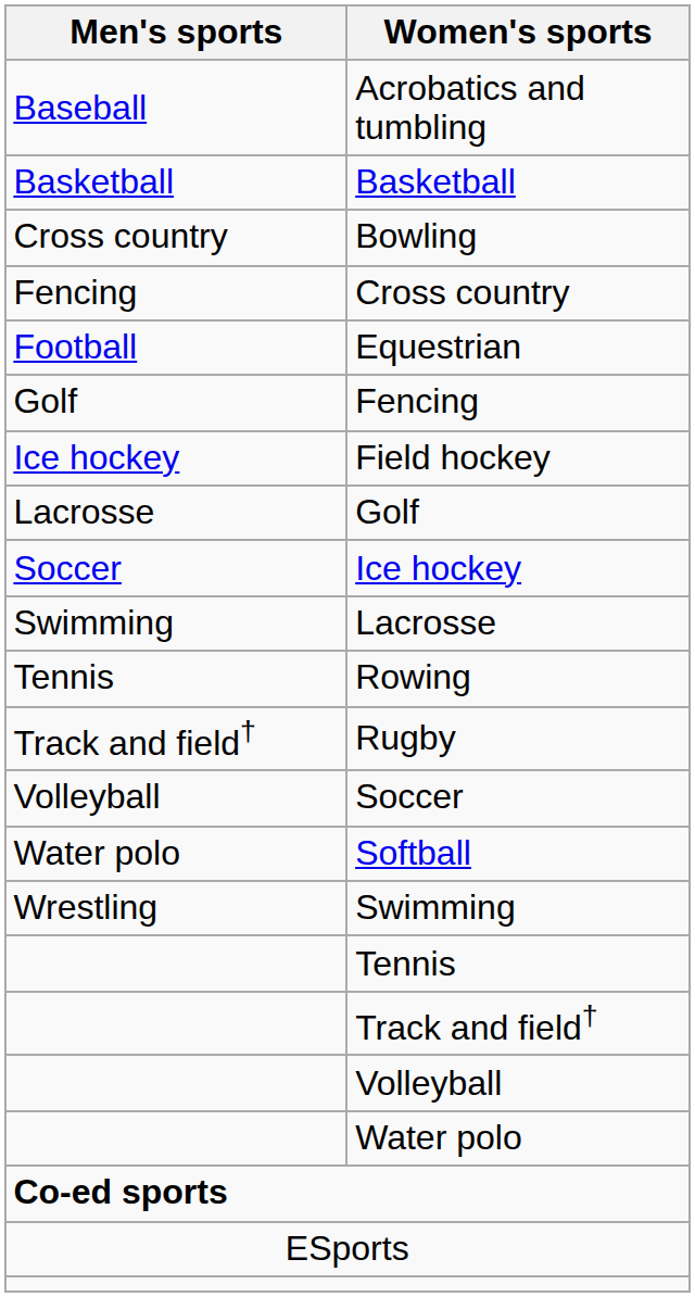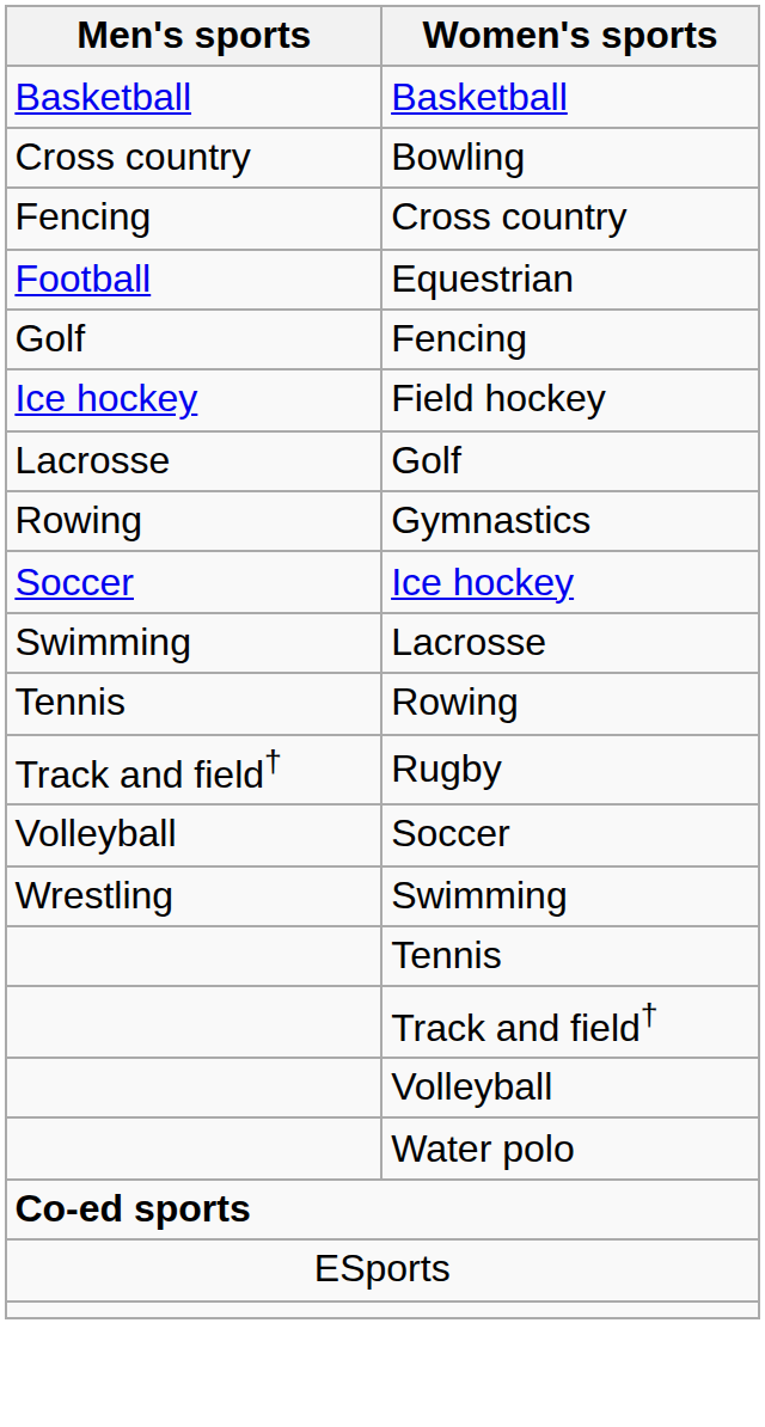 <table class="wikitable"; style= "text-align: ">
 <tr>
 <th width=150px>Men's sports</th>
 <th width=150px>Women's sports</th>
-</tr>
-<tr>
-<td><a href='#'>Baseball</a></td>
-<td>Acrobatics and tumbling</td>
 </tr>
 <tr>
 <td><a href='#'>Basketball</a></td>
 <td><a href='#'>Basketball</a></td>
 </tr>
 <tr>
 <td>Cross country</td>
 <td>Bowling</td>
 </tr>
 <tr>
 <td>Fencing</td>
 <td>Cross country</td>
 </tr>
 <tr>
 <td><a href='#'>Football</a></td>
 <td>Equestrian</td>
 </tr>
 <tr>
 <td>Golf</td>
 <td>Fencing</td>
 </tr>
 <tr>
 <td><a href='#'>Ice hockey</a></td>
 <td>Field hockey</td>
 </tr>
 <tr>
 <td>Lacrosse</td>
 <td>Golf</td>
 </tr>
 <tr>
+<td>Rowing</td>
+<td>Gymnastics</td>
+</tr>
+<tr>
 <td><a href='#'>Soccer</a></td>
 <td><a href='#'>Ice hockey</a></td>
 </tr>
 <tr>
 <td>Swimming</td>
 <td>Lacrosse</td>
 </tr>
 <tr>
 <td>Tennis</td>
 <td>Rowing</td>
 </tr>
 <tr>
 <td>Track and field<sup>†</sup></td>
 <td>Rugby</td>
 </tr>
 <tr>
 <td>Volleyball</td>
 <td>Soccer</td>
-</tr>
-<tr>
-<td>Water polo</td>
-<td><a href='#'>Softball</a></td>
 </tr>
 <tr>
 <td>Wrestling</td>
 <td>Swimming</td>
 </tr>
 <tr>
 <td></td>
 <td>Tennis</td>
 </tr>
 <tr>
 <td></td>
 <td>Track and field<sup>†</sup></td>
 </tr>
 <tr>
 <td></td>
 <td>Volleyball</td>
 </tr>
 <tr>
 <td></td>
 <td>Water polo</td>
 </tr>
 <tr>
 <td colspan="2"><strong>Co-ed sports</strong></td>
 </tr>
 <tr style="text-align:center">
 <td colspan="2">ESports</td>
 </tr>
 <tr>
 <td colspan="2"></td>
 </tr>
 </table>
